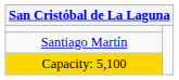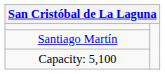 <table class="wikitable" style="text-align:center; margin:auto">
 <tr>
 <th colspan=2><a href='#'>San Cristóbal de La Laguna</a></th>
 </tr>
 <tr>
 <td></td>
 <td rowspan=3></td>
 </tr>
 <tr>
 <td><a href='#'>Santiago Martín</a></td>
 </tr>
 <tr>
-<td style="background: gold;">Capacity: 5,100</td>
+<td>Capacity: 5,100</td>
 </tr>
 </table>
